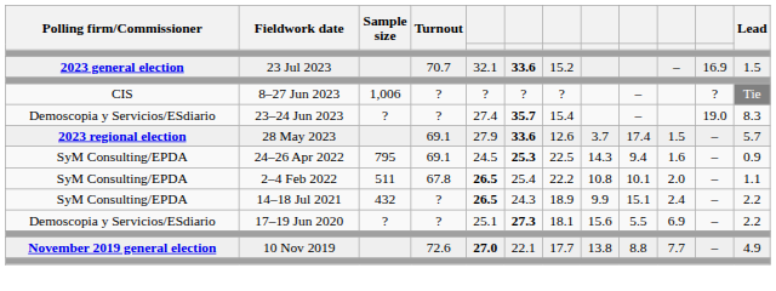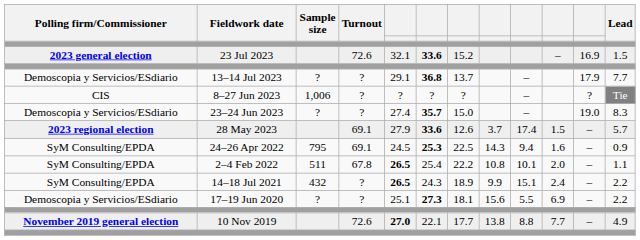 <table class="wikitable collapsible collapsed" style="text-align:center; font-size:95%; line-height:16px;">
 <tr style="height:42px;">
 <th style="width:250px;" rowspan="2">Polling firm/Commissioner</th>
 <th style="width:125px;" rowspan="2">Fieldwork date</th>
 <th style="width:50px;" rowspan="2">Sample size</th>
 <th style="width:45px;" rowspan="2">Turnout</th>
 <th style="width:35px;"></th>
 <th style="width:35px;"></th>
 <th style="width:35px;"></th>
 <th style="width:35px;"></th>
 <th style="width:35px;"></th>
 <th style="width:35px;"></th>
 <th style="width:35px;"></th>
 <th style="width:30px;" rowspan="2">Lead</th>
 </tr>
 <tr>
 <th style="color:inherit;background:"></th>
 <th style="color:inherit;background:"></th>
 <th style="color:inherit;background:"></th>
 <th style="color:inherit;background:"></th>
 <th style="color:inherit;background:"></th>
 <th style="color:inherit;background:"></th>
 <th style="color:inherit;background:"></th>
 </tr>
 <tr>
 <td colspan="12" style="background:#A0A0A0"></td>
 </tr>
 <tr style="background:#EFEFEF;">
 <td><strong><a href='#'>2023 general election</a></strong></td>
 <td>23 Jul 2023</td>
 <td></td>
-<td>70.7</td>
+<td>72.6</td>
 <td>32.1<br></td>
 <td><strong>33.6</strong><br></td>
 <td>15.2<br></td>
 <td></td>
 <td></td>
 <td>–</td>
 <td>16.9<br></td>
 <td style="background:">1.5</td>
 </tr>
 <tr>
 <td colspan="12" style="background:#A0A0A0"></td>
+</tr>
+<tr>
+<td>Demoscopia y Servicios/ESdiario</td>
+<td>13–14 Jul 2023</td>
+<td>?</td>
+<td>?</td>
+<td>29.1<br></td>
+<td><strong>36.8</strong><br></td>
+<td>13.7<br></td>
+<td></td>
+<td>–</td>
+<td></td>
+<td>17.9<br></td>
+<td style="background:">7.7</td>
 </tr>
 <tr>
 <td>CIS</td>
 <td>8–27 Jun 2023</td>
 <td>1,006</td>
 <td>?</td>
 <td>?<br></td>
 <td>?<br></td>
 <td>?<br></td>
 <td></td>
 <td>–</td>
 <td></td>
 <td>?<br></td>
 <td style="background:gray; color:white;">Tie</td>
 </tr>
 <tr>
 <td>Demoscopia y Servicios/ESdiario</td>
 <td>23–24 Jun 2023</td>
 <td>?</td>
 <td>?</td>
 <td>27.4<br></td>
 <td><strong>35.7</strong><br></td>
-<td>15.4<br></td>
+<td>15.0<br></td>
 <td></td>
 <td>–</td>
 <td></td>
 <td>19.0<br></td>
 <td style="background:">8.3</td>
 </tr>
 <tr style="background:#EFEFEF;">
 <td><strong><a href='#'>2023 regional election</a></strong></td>
 <td>28 May 2023</td>
 <td></td>
 <td>69.1</td>
 <td>27.9<br></td>
 <td><strong>33.6</strong><br></td>
 <td>12.6<br></td>
 <td>3.7<br></td>
 <td>17.4<br></td>
 <td>1.5<br></td>
 <td>–</td>
 <td style="background:">5.7</td>
 </tr>
 <tr>
 <td>SyM Consulting/EPDA</td>
 <td>24–26 Apr 2022</td>
 <td>795</td>
 <td>69.1</td>
 <td>24.5<br></td>
 <td><strong>25.3</strong><br></td>
 <td>22.5<br></td>
 <td>14.3<br></td>
 <td>9.4<br></td>
 <td>1.6<br></td>
 <td>–</td>
 <td style="background:">0.9</td>
 </tr>
 <tr>
 <td>SyM Consulting/EPDA</td>
 <td>2–4 Feb 2022</td>
 <td>511</td>
 <td>67.8</td>
 <td><strong>26.5</strong><br></td>
 <td>25.4<br></td>
 <td>22.2<br></td>
 <td>10.8<br></td>
 <td>10.1<br></td>
 <td>2.0<br></td>
 <td>–</td>
 <td style="background:">1.1</td>
 </tr>
 <tr>
 <td>SyM Consulting/EPDA</td>
 <td>14–18 Jul 2021</td>
 <td>432</td>
 <td>?</td>
 <td><strong>26.5</strong><br></td>
 <td>24.3<br></td>
 <td>18.9<br></td>
 <td>9.9<br></td>
 <td>15.1<br></td>
 <td>2.4<br></td>
 <td>–</td>
 <td style="background:">2.2</td>
 </tr>
 <tr>
 <td>Demoscopia y Servicios/ESdiario</td>
 <td>17–19 Jun 2020</td>
 <td>?</td>
 <td>?</td>
 <td>25.1<br></td>
 <td><strong>27.3</strong><br></td>
 <td>18.1<br></td>
 <td>15.6<br></td>
 <td>5.5<br></td>
 <td>6.9<br></td>
 <td>–</td>
 <td style="background:">2.2</td>
 </tr>
 <tr>
 <td colspan="12" style="background:#A0A0A0"></td>
 </tr>
 <tr style="background:#EFEFEF;">
 <td><strong><a href='#'>November 2019 general election</a></strong></td>
 <td>10 Nov 2019</td>
 <td></td>
 <td>72.6</td>
 <td><strong>27.0</strong><br></td>
 <td>22.1<br></td>
 <td>17.7<br></td>
 <td>13.8<br></td>
 <td>8.8<br></td>
 <td>7.7<br></td>
 <td>–</td>
 <td style="background:">4.9</td>
 </tr>
 <tr>
 <td colspan="12" style="background:#A0A0A0"></td>
 </tr>
 </table>
